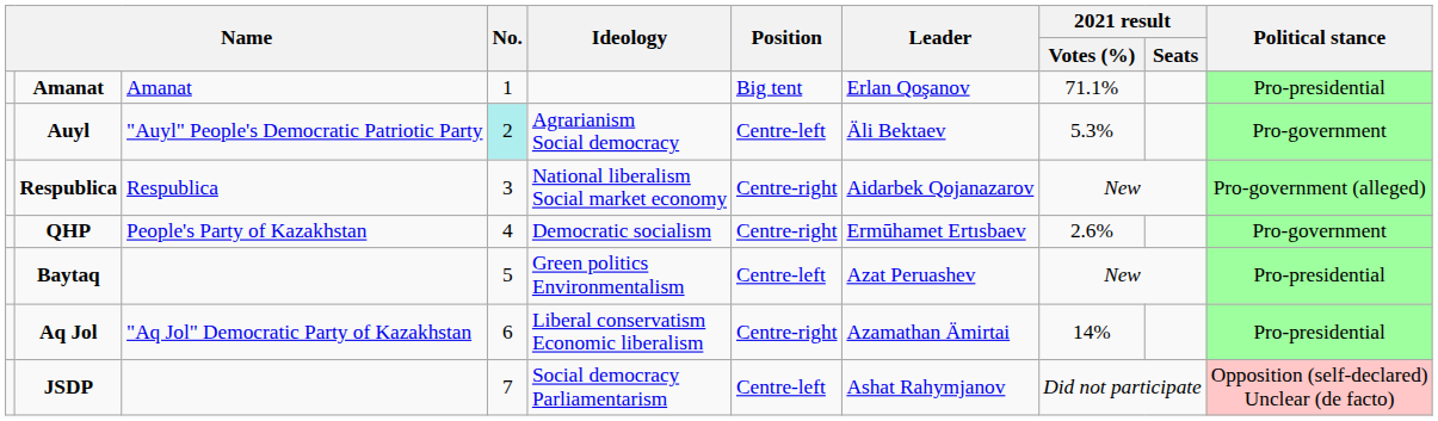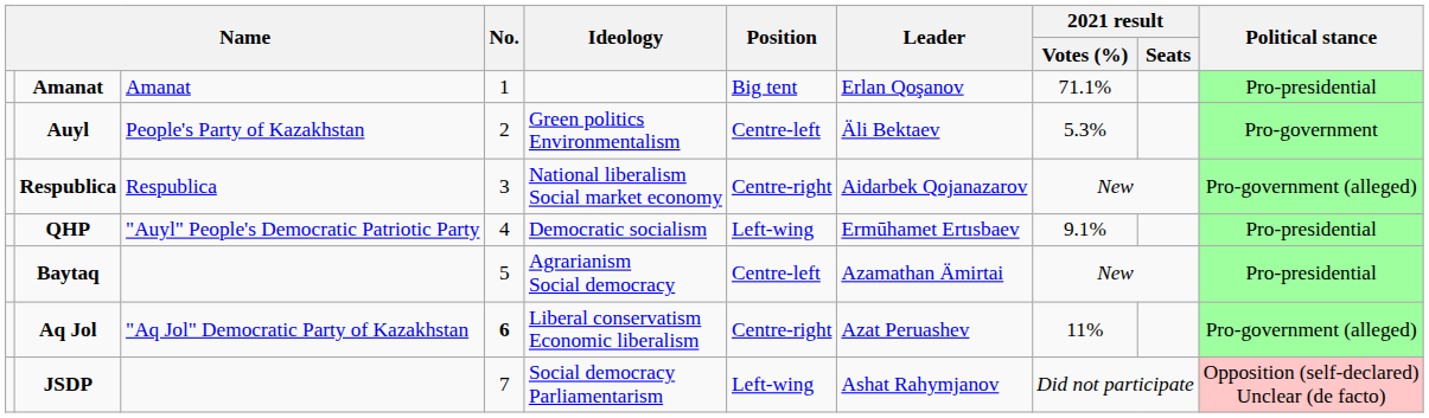 <table class="wikitable sortable">
 <tr>
 <th colspan="3" rowspan="2">Name</th>
 <th rowspan="2">No.</th>
 <th rowspan="2">Ideology</th>
 <th rowspan="2">Position</th>
 <th rowspan="2">Leader</th>
 <th colspan="2">2021 result</th>
 <th rowspan="2">Political stance</th>
 </tr>
 <tr>
 <th>Votes (%)</th>
 <th>Seats</th>
 </tr>
 <tr>
 <td style="background:"></td>
 <td style="text-align:center;"><strong>Amanat</strong></td>
 <td><a href='#'>Amanat</a></td>
 <td style="text-align:center;">1</td>
 <td></td>
 <td><a href='#'>Big tent</a></td>
 <td><a href='#'>Erlan Qoşanov</a></td>
 <td style="text-align:center;">71.1%</td>
 <td></td>
 <td style="background:#9EFF9E;text-align:center;">Pro-presidential</td>
 </tr>
 <tr>
 <td style="background:"></td>
 <td style="text-align:center;"><strong>Auyl</strong></td>
-<td><a href='#'>"Auyl" People's Democratic Patriotic Party</a><br></td>
-<td style="background: paleturquoise; text-align:center;">2</td>
-<td><a href='#'>Agrarianism</a><br><a href='#'>Social democracy</a></td>
+<td><a href='#'>People's Party of Kazakhstan</a><br></td>
+<td style="text-align:center;">2</td>
+<td><a href='#'>Green politics</a><br><a href='#'>Environmentalism</a></td>
 <td><a href='#'>Centre-left</a></td>
 <td><a href='#'>Äli Bektaev</a></td>
 <td style="text-align:center;">5.3%</td>
 <td></td>
 <td style="background:#9EFF9E;text-align:center;">Pro-government</td>
 </tr>
 <tr>
 <td style="background:"></td>
 <td style="text-align:center;"><strong>Respublica</strong></td>
 <td><a href='#'>Respublica</a></td>
 <td style="text-align:center;">3</td>
 <td><a href='#'>National liberalism</a><br><a href='#'>Social market economy</a></td>
 <td><a href='#'>Centre-right</a></td>
 <td><a href='#'>Aidarbek Qojanazarov</a></td>
 <td colspan="2" style="text-align:center;"><em>New</em></td>
 <td style="background:#9EFF9E;text-align:center;">Pro-government (alleged)</td>
 </tr>
 <tr>
 <td style="background:"></td>
 <td style="text-align:center;"><strong>QHP</strong></td>
-<td><a href='#'>People's Party of Kazakhstan</a><br></td>
+<td><a href='#'>"Auyl" People's Democratic Patriotic Party</a><br></td>
 <td style="text-align:center;">4</td>
 <td><a href='#'>Democratic socialism</a></td>
-<td><a href='#'>Centre-right</a></td>
+<td><a href='#'>Left-wing</a></td>
 <td><a href='#'>Ermūhamet Ertısbaev</a></td>
-<td style="text-align:center;">2.6%</td>
+<td style="text-align:center;">9.1%</td>
 <td></td>
-<td style="background:#9EFF9E;text-align:center;">Pro-government</td>
+<td style="background:#9EFF9E;text-align:center;">Pro-presidential</td>
 </tr>
 <tr>
 <td style="background:"></td>
 <td style="text-align:center;"><strong>Baytaq</strong></td>
 <td><br></td>
 <td style="text-align:center;">5</td>
-<td><a href='#'>Green politics</a><br><a href='#'>Environmentalism</a></td>
+<td><a href='#'>Agrarianism</a><br><a href='#'>Social democracy</a></td>
 <td><a href='#'>Centre-left</a></td>
-<td><a href='#'>Azat Peruashev</a></td>
+<td><a href='#'>Azamathan Ämirtai</a></td>
 <td colspan="2" style="text-align:center;"><em>New</em></td>
 <td style="background:#9EFF9E;text-align:center;">Pro-presidential</td>
 </tr>
 <tr>
 <td style="background:"></td>
 <td style="text-align:center;"><strong>Aq Jol</strong></td>
 <td><a href='#'>"Aq Jol" Democratic Party of Kazakhstan</a><br></td>
-<td style="text-align:center;">6</td>
+<td style="text-align:center;"><strong>6</strong></td>
 <td><a href='#'>Liberal conservatism</a><br><a href='#'>Economic liberalism</a></td>
 <td><a href='#'>Centre-right</a></td>
-<td><a href='#'>Azamathan Ämirtai</a></td>
-<td style="text-align:center;">14%</td>
+<td><a href='#'>Azat Peruashev</a></td>
+<td style="text-align:center;">11%</td>
 <td></td>
-<td style="background:#9EFF9E;text-align:center;">Pro-presidential</td>
+<td style="background:#9EFF9E;text-align:center;">Pro-government (alleged)</td>
 </tr>
 <tr>
 <td style="background:"></td>
 <td style="text-align:center;"><strong>JSDP</strong></td>
 <td><br></td>
 <td style="text-align:center;">7</td>
 <td><a href='#'>Social democracy</a><br><a href='#'>Parliamentarism</a></td>
-<td><a href='#'>Centre-left</a></td>
+<td><a href='#'>Left-wing</a></td>
 <td><a href='#'>Ashat Rahymjanov</a></td>
 <td colspan="2" style="text-align:center;"><em>Did not participate</em></td>
 <td style="background:#FFC7C7;text-align:center;">Opposition (self-declared)<br>Unclear (de facto)</td>
 </tr>
 </table>
